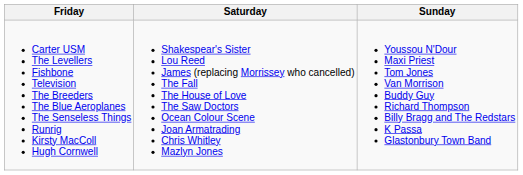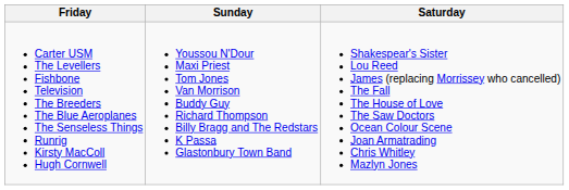 <table class="wikitable">
 <tr>
 <th>Friday</th>
+<th>Sunday</th>
 <th>Saturday</th>
-<th>Sunday</th>
 </tr>
 <tr valign="top">
 <td><br><ul><li><a href='#'>Carter USM</a></li><li><a href='#'>The Levellers</a></li><li><a href='#'>Fishbone</a></li><li><a href='#'>Television</a></li><li><a href='#'>The Breeders</a></li><li><a href='#'>The Blue Aeroplanes</a></li><li><a href='#'>The Senseless Things</a></li><li><a href='#'>Runrig</a></li><li><a href='#'>Kirsty MacColl</a></li><li><a href='#'>Hugh Cornwell</a></li></ul></td>
+<td><br><ul><li><a href='#'>Youssou N'Dour</a></li><li><a href='#'>Maxi Priest</a></li><li><a href='#'>Tom Jones</a></li><li><a href='#'>Van Morrison</a></li><li><a href='#'>Buddy Guy</a></li><li><a href='#'>Richard Thompson</a></li><li><a href='#'>Billy Bragg and The Redstars</a></li><li><a href='#'>K Passa</a></li><li><a href='#'>Glastonbury Town Band</a></li></ul></td>
 <td><br><ul><li><a href='#'>Shakespear's Sister</a></li><li><a href='#'>Lou Reed</a></li><li><a href='#'>James</a> (replacing <a href='#'>Morrissey</a> who cancelled)</li><li><a href='#'>The Fall</a></li><li><a href='#'>The House of Love</a></li><li><a href='#'>The Saw Doctors</a></li><li><a href='#'>Ocean Colour Scene</a></li><li><a href='#'>Joan Armatrading</a></li><li><a href='#'>Chris Whitley</a></li><li><a href='#'>Mazlyn Jones</a></li></ul></td>
-<td><br><ul><li><a href='#'>Youssou N'Dour</a></li><li><a href='#'>Maxi Priest</a></li><li><a href='#'>Tom Jones</a></li><li><a href='#'>Van Morrison</a></li><li><a href='#'>Buddy Guy</a></li><li><a href='#'>Richard Thompson</a></li><li><a href='#'>Billy Bragg and The Redstars</a></li><li><a href='#'>K Passa</a></li><li><a href='#'>Glastonbury Town Band</a></li></ul></td>
 </tr>
 </table>
